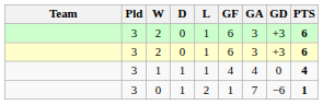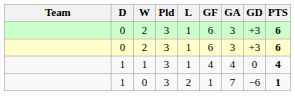 <table class="wikitable" style="text-align:center">
 <tr>
 <th width="150">Team</th>
+<th width="25">D</th>
+<th width="25">W</th>
 <th width="25">Pld</th>
-<th width="25">W</th>
-<th width="25">D</th>
 <th width="25">L</th>
 <th width="25">GF</th>
 <th width="25">GA</th>
 <th width="25">GD</th>
 <th width="25">PTS</th>
 </tr>
 <tr style="background:#ccffcc">
 <td style="text-align:left"></td>
+<td>0</td>
+<td>2</td>
 <td>3</td>
-<td>2</td>
-<td>0</td>
 <td>1</td>
 <td>6</td>
 <td>3</td>
 <td>+3</td>
 <td><strong>6</strong></td>
 </tr>
 <tr style="background:#ffffcc">
 <td style="text-align:left"></td>
+<td>0</td>
+<td>2</td>
 <td>3</td>
-<td>2</td>
-<td>0</td>
 <td>1</td>
 <td>6</td>
 <td>3</td>
 <td>+3</td>
 <td><strong>6</strong></td>
 </tr>
 <tr>
 <td style="text-align:left"></td>
-<td>3</td>
 <td>1</td>
 <td>1</td>
+<td>3</td>
 <td>1</td>
 <td>4</td>
 <td>4</td>
 <td>0</td>
 <td><strong>4</strong></td>
 </tr>
 <tr>
 <td style="text-align:left"></td>
+<td>1</td>
+<td>0</td>
 <td>3</td>
-<td>0</td>
-<td>1</td>
 <td>2</td>
 <td>1</td>
 <td>7</td>
 <td>−6</td>
 <td><strong>1</strong></td>
 </tr>
 </table>
